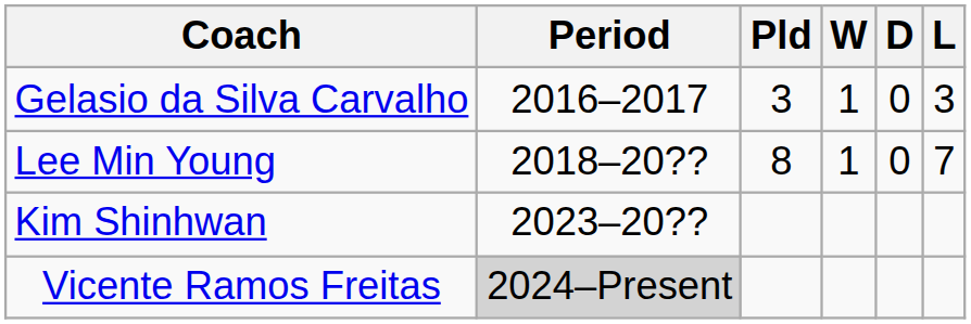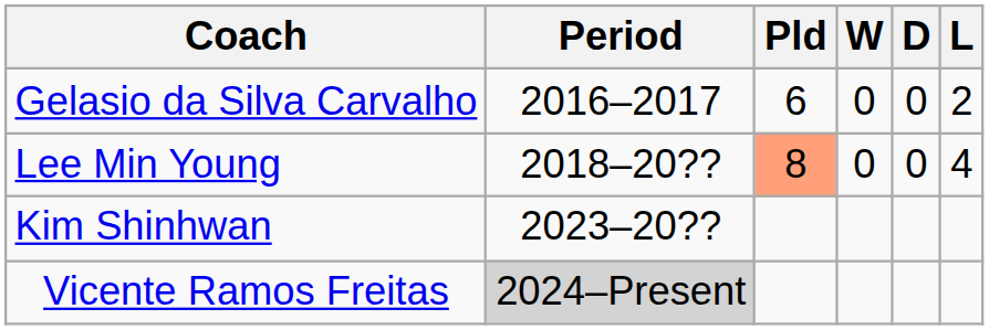 <table class="wikitable" style="text-align:center">
 <tr>
 <th>Coach</th>
 <th>Period</th>
 <th>Pld</th>
 <th>W</th>
 <th>D</th>
 <th>L</th>
 </tr>
 <tr>
 <td style="text-align: left;"> <a href='#'>Gelasio da Silva Carvalho</a></td>
 <td>2016–2017</td>
-<td>3</td>
-<td>1</td>
+<td>6</td>
 <td>0</td>
-<td>3</td>
+<td>0</td>
+<td>2</td>
 </tr>
 <tr>
 <td style="text-align: left;"> <a href='#'>Lee Min Young</a></td>
 <td>2018–20??</td>
-<td>8</td>
-<td>1</td>
+<td style="background: lightsalmon;">8</td>
 <td>0</td>
-<td>7</td>
+<td>0</td>
+<td>4</td>
 </tr>
 <tr>
 <td style="text-align: left;"> <a href='#'>Kim Shinhwan</a></td>
 <td>2023–20??</td>
 <td></td>
 <td></td>
 <td></td>
 <td></td>
 </tr>
 <tr>
 <td> <a href='#'>Vicente Ramos Freitas</a></td>
 <td style="background: lightgrey;">2024–Present</td>
 <td></td>
 <td></td>
 <td></td>
 <td></td>
 </tr>
 </table>
